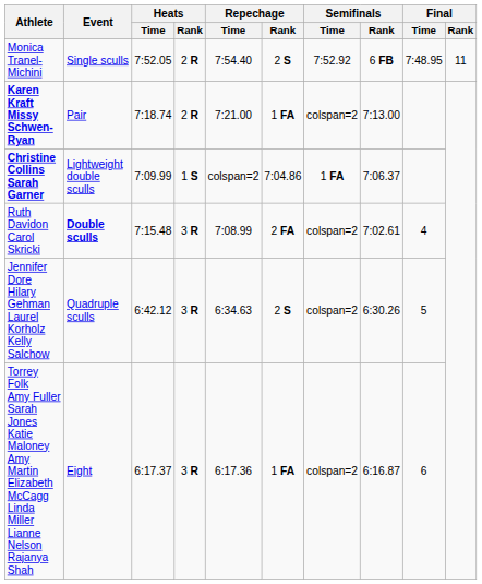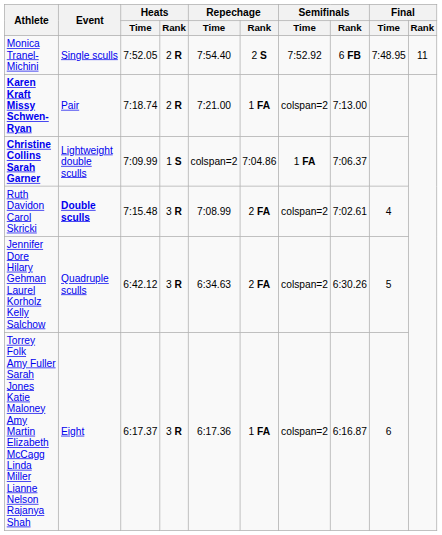 <table class=wikitable style=font-size:90%;text-align:center>
 <tr>
 <th rowspan=2>Athlete</th>
 <th rowspan=2>Event</th>
 <th colspan=2>Heats</th>
 <th colspan=2>Repechage</th>
 <th colspan=2>Semifinals</th>
 <th colspan=2>Final</th>
 </tr>
 <tr style=font-size:95%>
 <th>Time</th>
 <th>Rank</th>
 <th>Time</th>
 <th>Rank</th>
 <th>Time</th>
 <th>Rank</th>
 <th>Time</th>
 <th>Rank</th>
 </tr>
 <tr>
 <td align=left><a href='#'>Monica Tranel-Michini</a></td>
 <td align=left><a href='#'>Single sculls</a></td>
 <td>7:52.05</td>
 <td>2 <strong>R</strong></td>
 <td>7:54.40</td>
 <td>2 <strong>S</strong></td>
 <td>7:52.92</td>
 <td>6 <strong>FB</strong></td>
 <td>7:48.95</td>
 <td>11</td>
 </tr>
 <tr>
 <td align=left><strong><a href='#'>Karen Kraft</a><br><a href='#'>Missy Schwen-Ryan</a></strong></td>
 <td align=left><a href='#'>Pair</a></td>
 <td>7:18.74</td>
 <td>2 <strong>R</strong></td>
 <td>7:21.00</td>
 <td>1 <strong>FA</strong></td>
 <td>colspan=2 </td>
 <td>7:13.00</td>
 <td></td>
 </tr>
 <tr>
 <td align=left><strong><a href='#'>Christine Collins</a><br><a href='#'>Sarah Garner</a></strong></td>
 <td align=left><a href='#'>Lightweight double sculls</a></td>
 <td>7:09.99</td>
 <td>1 <strong>S</strong></td>
 <td>colspan=2 </td>
 <td>7:04.86</td>
 <td>1 <strong>FA</strong></td>
 <td>7:06.37</td>
 <td></td>
 </tr>
 <tr>
 <td align=left><a href='#'>Ruth Davidon</a><br><a href='#'>Carol Skricki</a></td>
 <td align=left><strong><a href='#'>Double sculls</a></strong></td>
 <td>7:15.48</td>
 <td>3 <strong>R</strong></td>
 <td>7:08.99</td>
 <td>2 <strong>FA</strong></td>
 <td>colspan=2 </td>
 <td>7:02.61</td>
 <td>4</td>
 </tr>
 <tr>
 <td align=left><a href='#'>Jennifer Dore</a><br><a href='#'>Hilary Gehman</a><br><a href='#'>Laurel Korholz</a><br><a href='#'>Kelly Salchow</a></td>
 <td align=left><a href='#'>Quadruple sculls</a></td>
 <td>6:42.12</td>
 <td>3 <strong>R</strong></td>
 <td>6:34.63</td>
-<td>2 <strong>S</strong></td>
+<td>2 <strong>FA</strong></td>
 <td>colspan=2 </td>
 <td>6:30.26</td>
 <td>5</td>
 </tr>
 <tr>
 <td align=left><a href='#'>Torrey Folk</a><br><a href='#'>Amy Fuller</a><br><a href='#'>Sarah Jones</a><br><a href='#'>Katie Maloney</a><br><a href='#'>Amy Martin</a><br><a href='#'>Elizabeth McCagg</a><br><a href='#'>Linda Miller</a><br><a href='#'>Lianne Nelson</a><br><a href='#'>Rajanya Shah</a></td>
 <td align=left><a href='#'>Eight</a></td>
 <td>6:17.37</td>
 <td>3 <strong>R</strong></td>
 <td>6:17.36</td>
 <td>1 <strong>FA</strong></td>
 <td>colspan=2 </td>
 <td>6:16.87</td>
 <td>6</td>
 </tr>
 </table>
